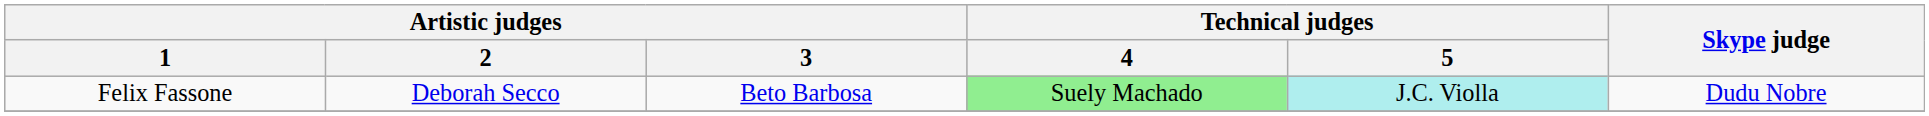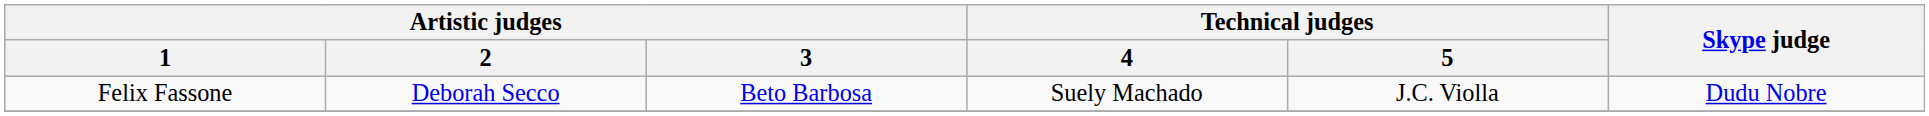 <table class="wikitable" style="font-size:100%; line-height:16px; text-align:center" width="100%">
 <tr>
 <th colspan=3 width="50.0%">Artistic judges</th>
 <th colspan=2 width="33.3%">Technical judges</th>
 <th rowspan=2 width="16.7%"><a href='#'>Skype</a> judge<br></th>
 </tr>
 <tr>
 <th width="16.7%">1</th>
 <th width="16.7%">2</th>
 <th width="16.7%">3</th>
 <th width="16.7%">4</th>
 <th width="16.7%">5</th>
 </tr>
 <tr>
 <td>Felix Fassone</td>
 <td><a href='#'>Deborah Secco</a></td>
 <td><a href='#'>Beto Barbosa</a></td>
-<td style="background: lightgreen;">Suely Machado</td>
-<td style="background: paleturquoise;">J.C. Violla</td>
+<td>Suely Machado</td>
+<td>J.C. Violla</td>
 <td><a href='#'>Dudu Nobre</a></td>
 </tr>
 <tr>
 </tr>
 </table>
